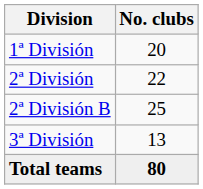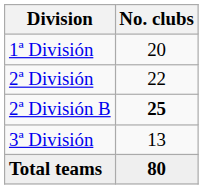 <table class="wikitable">
 <tr>
 <th>Division</th>
 <th>No. clubs</th>
 </tr>
 <tr>
 <td><a href='#'>1ª División</a></td>
 <td align=center>20</td>
 </tr>
 <tr>
 <td><a href='#'>2ª División</a></td>
 <td align=center>22</td>
 </tr>
 <tr>
 <td><a href='#'>2ª División B</a></td>
-<td align=center>25</td>
+<td align=center><strong>25</strong></td>
 </tr>
 <tr>
 <td><a href='#'>3ª División</a></td>
 <td align=center>13</td>
 </tr>
 <tr style="background:#efefef; font-weight:bold;">
 <td>Total teams</td>
 <td align=center>80</td>
 </tr>
 </table>
